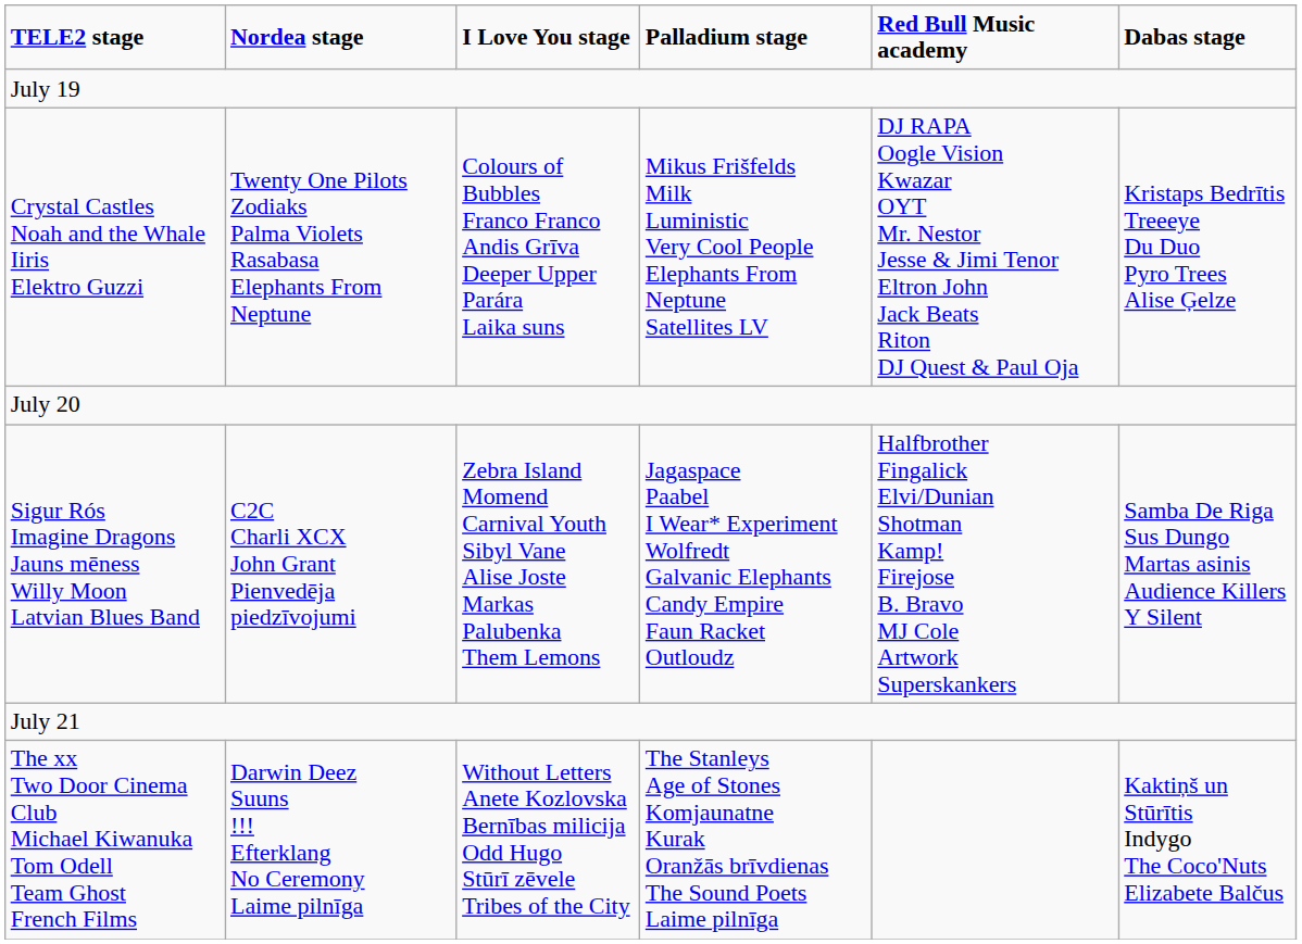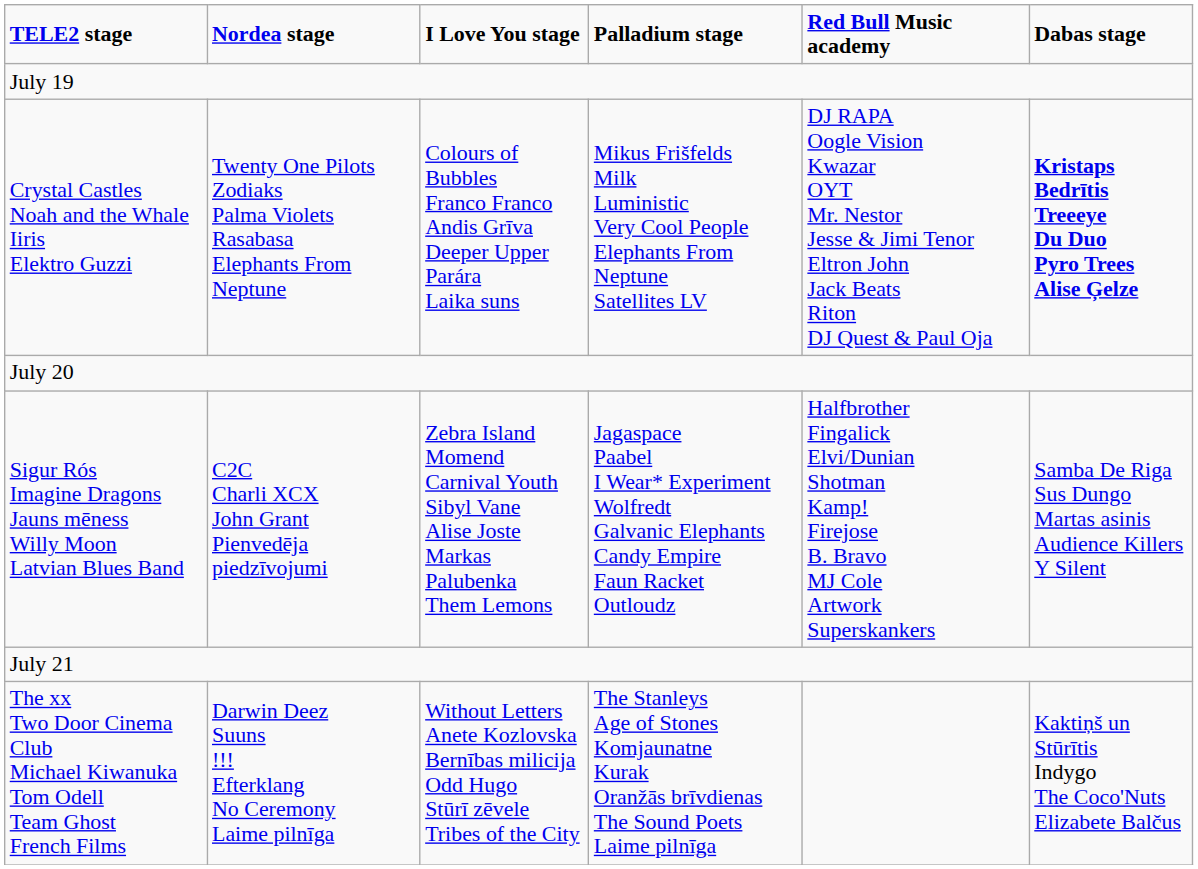 <table class="wikitable">
 <tr>
 <td><strong><a href='#'>TELE2</a> stage</strong></td>
 <td><strong><a href='#'>Nordea</a> stage</strong></td>
 <td><strong>I Love You stage</strong></td>
 <td><strong>Palladium stage</strong></td>
 <td><strong><a href='#'>Red Bull</a> Music academy</strong></td>
 <td><strong>Dabas stage</strong></td>
 </tr>
 <tr>
 <td colspan="6">July 19</td>
 </tr>
 <tr>
 <td><a href='#'>Crystal Castles</a><br> <a href='#'>Noah and the Whale</a><br> <a href='#'>Iiris</a> <br> <a href='#'>Elektro Guzzi</a></td>
 <td><a href='#'>Twenty One Pilots</a><br> <a href='#'>Zodiaks</a><br> <a href='#'>Palma Violets</a><br> <a href='#'>Rasabasa</a><br> <a href='#'>Elephants From Neptune</a></td>
 <td><a href='#'>Colours of Bubbles</a><br> <a href='#'>Franco Franco</a><br> <a href='#'>Andis Grīva</a><br> <a href='#'>Deeper Upper</a><br> <a href='#'>Parára</a><br> <a href='#'>Laika suns</a></td>
 <td><a href='#'>Mikus Frišfelds</a><br> <a href='#'>Milk</a><br> <a href='#'>Luministic</a><br> <a href='#'>Very Cool People</a><br> <a href='#'>Elephants From Neptune</a><br> <a href='#'>Satellites LV</a></td>
 <td><a href='#'>DJ RAPA</a><br> <a href='#'>Oogle Vision</a><br> <a href='#'>Kwazar</a><br> <a href='#'>OYT</a><br> <a href='#'>Mr. Nestor</a><br> <a href='#'>Jesse & Jimi Tenor</a><br> <a href='#'>Eltron John</a><br> <a href='#'>Jack Beats</a><br> <a href='#'>Riton</a><br> <a href='#'>DJ Quest & Paul Oja</a><br></td>
-<td><a href='#'>Kristaps Bedrītis</a><br> <a href='#'>Treeeye</a><br> <a href='#'>Du Duo</a><br> <a href='#'>Pyro Trees</a><br> <a href='#'>Alise Ģelze</a></td>
+<td><strong><a href='#'>Kristaps Bedrītis</a><br> <a href='#'>Treeeye</a><br> <a href='#'>Du Duo</a><br> <a href='#'>Pyro Trees</a><br> <a href='#'>Alise Ģelze</a></strong></td>
 </tr>
 <tr>
 <td colspan="6">July 20</td>
 </tr>
 <tr>
 <td><a href='#'>Sigur Rós</a><br> <a href='#'>Imagine Dragons</a><br> <a href='#'>Jauns mēness</a><br> <a href='#'>Willy Moon</a><br> <a href='#'>Latvian Blues Band</a></td>
 <td><a href='#'>C2C</a><br> <a href='#'>Charli XCX</a><br> <a href='#'>John Grant</a><br> <a href='#'>Pienvedēja piedzīvojumi</a></td>
 <td><a href='#'>Zebra Island</a><br> <a href='#'>Momend</a><br> <a href='#'>Carnival Youth</a><br> <a href='#'>Sibyl Vane</a><br> <a href='#'>Alise Joste</a><br> <a href='#'>Markas Palubenka</a><br> <a href='#'>Them Lemons</a></td>
 <td><a href='#'>Jagaspace</a><br> <a href='#'>Paabel</a><br> <a href='#'>I Wear* Experiment</a><br> <a href='#'>Wolfredt</a><br> <a href='#'>Galvanic Elephants</a><br> <a href='#'>Candy Empire</a><br> <a href='#'>Faun Racket</a><br> <a href='#'>Outloudz</a></td>
 <td><a href='#'>Halfbrother</a><br> <a href='#'>Fingalick</a><br> <a href='#'>Elvi/Dunian</a><br> <a href='#'>Shotman</a><br> <a href='#'>Kamp!</a><br> <a href='#'>Firejose</a><br> <a href='#'>B. Bravo</a><br> <a href='#'>MJ Cole</a><br> <a href='#'>Artwork</a><br> <a href='#'>Superskankers</a></td>
 <td><a href='#'>Samba De Riga</a><br> <a href='#'>Sus Dungo</a><br> <a href='#'>Martas asinis</a><br> <a href='#'>Audience Killers</a><br> <a href='#'>Y Silent</a></td>
 </tr>
 <tr>
 <td colspan="6">July 21</td>
 </tr>
 <tr>
 <td><a href='#'>The xx</a><br> <a href='#'>Two Door Cinema Club</a><br> <a href='#'>Michael Kiwanuka</a><br> <a href='#'>Tom Odell</a><br> <a href='#'>Team Ghost</a><br> <a href='#'>French Films</a></td>
 <td><a href='#'>Darwin Deez</a><br> <a href='#'>Suuns</a><br> <a href='#'>!!!</a><br> <a href='#'>Efterklang</a><br> <a href='#'>No Ceremony</a><br> <a href='#'>Laime pilnīga</a></td>
 <td><a href='#'>Without Letters</a><br> <a href='#'>Anete Kozlovska</a><br> <a href='#'>Bernības milicija</a><br> <a href='#'>Odd Hugo</a><br> <a href='#'>Stūrī zēvele</a><br> <a href='#'>Tribes of the City</a></td>
 <td><a href='#'>The Stanleys</a><br> <a href='#'>Age of Stones</a><br> <a href='#'>Komjaunatne</a><br> <a href='#'>Kurak</a><br> <a href='#'>Oranžās brīvdienas</a><br> <a href='#'>The Sound Poets</a><br> <a href='#'>Laime pilnīga</a></td>
 <td></td>
 <td><a href='#'>Kaktiņš un Stūrītis</a><br> Indygo<br> <a href='#'>The Coco'Nuts</a><br> <a href='#'>Elizabete Balčus</a></td>
 </tr>
 </table>
